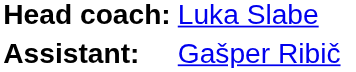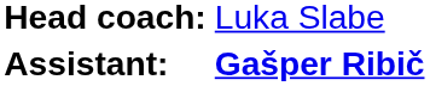 <table>
 <tr>
 <td><strong>Head coach:</strong></td>
 <td><a href='#'>Luka Slabe</a></td>
 </tr>
 <tr>
 <td><strong>Assistant:</strong></td>
-<td><a href='#'>Gašper Ribič</a></td>
+<td><strong><a href='#'>Gašper Ribič</a></strong></td>
 </tr>
 </table>
